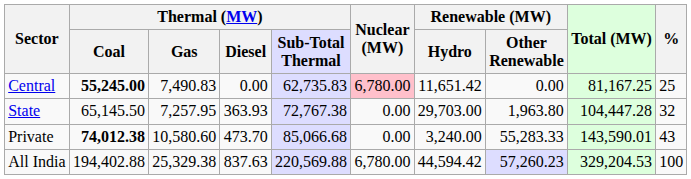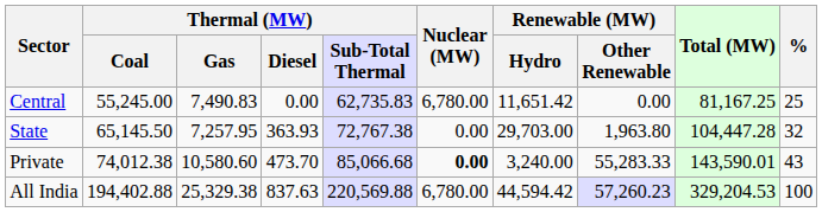 <table class="wikitable">
 <tr>
 <th rowspan="2">Sector</th>
 <th ! colspan="4">Thermal (<a href='#'>MW</a>)</th>
 <th ! rowspan="2">Nuclear<br>(MW)</th>
 <th ! colspan="2">Renewable (MW)</th>
 <th ! data-sort-type="numeric" rowspan="2" style="background-color: #dfd;">Total (MW)</th>
 <th rowspan="2">%</th>
 </tr>
 <tr>
 <th data-sort-type="numeric">Coal</th>
 <th data-sort-type="numeric">Gas</th>
 <th data-sort-type="numeric">Diesel</th>
 <th data-sort-type="numeric" style="background-color: #ddf;">Sub-Total<br>Thermal</th>
 <th data-sort-type="numeric">Hydro</th>
 <th data-sort-type="numeric">Other<br>Renewable</th>
 </tr>
 <tr>
 <td><a href='#'>Central</a></td>
-<td align="right"><strong>55,245.00</strong></td>
+<td align="right">55,245.00</td>
 <td align="right">7,490.83</td>
 <td align="right">0.00</td>
 <td style="background-color: #ddf;" align="right">62,735.83</td>
-<td align="right" style="background: pink;">6,780.00</td>
+<td align="right">6,780.00</td>
 <td align="right">11,651.42</td>
 <td align="right">0.00</td>
 <td style="background-color: #dfd;" align="right">81,167.25</td>
 <td>25</td>
 </tr>
 <tr>
 <td><a href='#'>State</a></td>
 <td align="right">65,145.50</td>
 <td align="right">7,257.95</td>
 <td align="right">363.93</td>
 <td style="background-color: #ddf;" align="right">72,767.38</td>
 <td align="right">0.00</td>
 <td align="right">29,703.00</td>
 <td align="right">1,963.80</td>
 <td style="background-color: #dfd;" align="right">104,447.28</td>
 <td>32</td>
 </tr>
 <tr>
 <td>Private</td>
-<td align="right"><strong>74,012.38</strong></td>
+<td align="right">74,012.38</td>
 <td align="right">10,580.60</td>
 <td align="right">473.70</td>
 <td style="background-color: #ddf;" align="right">85,066.68</td>
-<td align="right">0.00</td>
+<td align="right"><strong>0.00</strong></td>
 <td align="right">3,240.00</td>
 <td align="right">55,283.33</td>
 <td style="background-color: #dfd;" align="right">143,590.01</td>
 <td>43</td>
 </tr>
 <tr>
 <td>All India</td>
 <td align="right">194,402.88</td>
 <td align="right">25,329.38</td>
 <td align="right">837.63</td>
 <td style="background-color: #ddf;" align="right">220,569.88</td>
 <td align="right">6,780.00</td>
 <td align="right">44,594.42</td>
 <td style="background-color: #ddf;" align="right">57,260.23</td>
 <td style="background-color: #dfd;" align="right">329,204.53</td>
 <td>100</td>
 </tr>
 <tr>
 </tr>
 </table>
